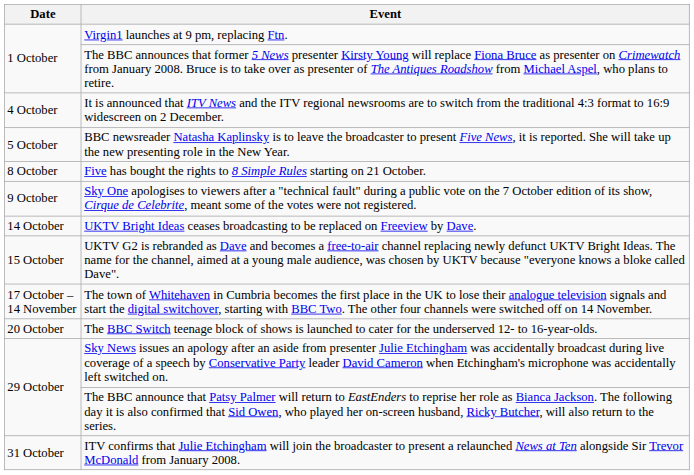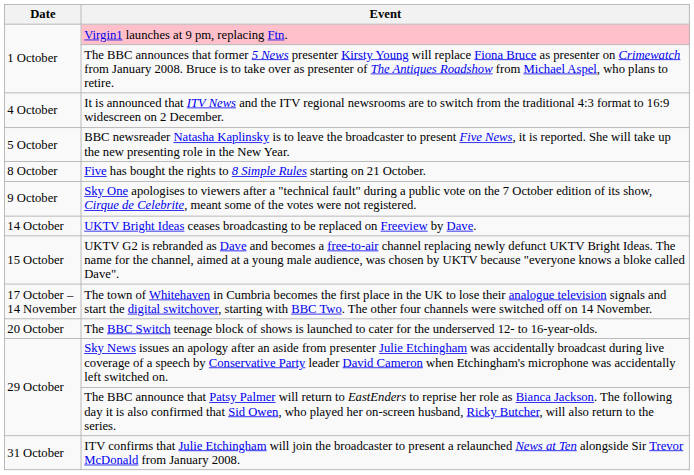 <table class="wikitable">
 <tr>
 <th width=90>Date</th>
 <th>Event</th>
 </tr>
 <tr>
 <td rowspan=2>1 October</td>
-<td><a href='#'>Virgin1</a> launches at 9 pm, replacing <a href='#'>Ftn</a>.</td>
+<td style="background: pink;"><a href='#'>Virgin1</a> launches at 9 pm, replacing <a href='#'>Ftn</a>.</td>
 </tr>
 <tr>
 <td>The BBC announces that former <em><a href='#'>5 News</a></em> presenter <a href='#'>Kirsty Young</a> will replace <a href='#'>Fiona Bruce</a> as presenter on <em><a href='#'>Crimewatch</a></em> from January 2008. Bruce is to take over as presenter of <em><a href='#'>The Antiques Roadshow</a></em> from <a href='#'>Michael Aspel</a>, who plans to retire.</td>
 </tr>
 <tr>
 <td>4 October</td>
 <td>It is announced that <em><a href='#'>ITV News</a></em> and the ITV regional newsrooms are to switch from the traditional 4:3 format to 16:9 widescreen on 2 December.</td>
 </tr>
 <tr>
 <td>5 October</td>
 <td>BBC newsreader <a href='#'>Natasha Kaplinsky</a> is to leave the broadcaster to present <em><a href='#'>Five News</a></em>, it is reported. She will take up the new presenting role in the New Year.</td>
 </tr>
 <tr>
 <td>8 October</td>
 <td><a href='#'>Five</a> has bought the rights to <em><a href='#'>8 Simple Rules</a></em> starting on 21 October.</td>
 </tr>
 <tr>
 <td>9 October</td>
 <td><a href='#'>Sky One</a> apologises to viewers after a "technical fault" during a public vote on the 7 October edition of its show, <em><a href='#'>Cirque de Celebrite</a></em>, meant some of the votes were not registered.</td>
 </tr>
 <tr>
 <td>14 October</td>
 <td><a href='#'>UKTV Bright Ideas</a> ceases broadcasting to be replaced on <a href='#'>Freeview</a> by <a href='#'>Dave</a>.</td>
 </tr>
 <tr>
 <td>15 October</td>
 <td>UKTV G2 is rebranded as <a href='#'>Dave</a> and becomes a <a href='#'>free-to-air</a> channel replacing newly defunct UKTV Bright Ideas. The name for the channel, aimed at a young male audience, was chosen by UKTV because "everyone knows a bloke called Dave".</td>
 </tr>
 <tr>
 <td>17 October – 14 November</td>
 <td>The town of <a href='#'>Whitehaven</a> in Cumbria becomes the first place in the UK to lose their <a href='#'>analogue television</a> signals and start the <a href='#'>digital switchover</a>, starting with <a href='#'>BBC Two</a>. The other four channels were switched off on 14 November.</td>
 </tr>
 <tr>
 <td>20 October</td>
 <td>The <a href='#'>BBC Switch</a> teenage block of shows is launched to cater for the underserved 12- to 16-year-olds.</td>
 </tr>
 <tr>
 <td rowspan=2>29 October</td>
 <td><a href='#'>Sky News</a> issues an apology after an aside from presenter <a href='#'>Julie Etchingham</a> was accidentally broadcast during live coverage of a speech by <a href='#'>Conservative Party</a> leader <a href='#'>David Cameron</a> when Etchingham's microphone was accidentally left switched on.</td>
 </tr>
 <tr>
 <td>The BBC announce that <a href='#'>Patsy Palmer</a> will return to <em>EastEnders</em> to reprise her role as <a href='#'>Bianca Jackson</a>. The following day it is also confirmed that <a href='#'>Sid Owen</a>, who played her on-screen husband, <a href='#'>Ricky Butcher</a>, will also return to the series.</td>
 </tr>
 <tr>
 <td>31 October</td>
 <td>ITV confirms that <a href='#'>Julie Etchingham</a> will join the broadcaster to present a relaunched <em><a href='#'>News at Ten</a></em> alongside Sir <a href='#'>Trevor McDonald</a> from January 2008.</td>
 </tr>
 </table>
